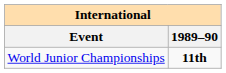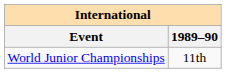 <table class="wikitable" style="text-align:center">
 <tr>
 <th style="background-color: #ffdead; " colspan=3 align=center>International</th>
 </tr>
 <tr>
 <th>Event</th>
 <th>1989–90</th>
 </tr>
 <tr>
 <td align=left><a href='#'>World Junior Championships</a></td>
-<td><strong>11th</strong></td>
+<td>11th</td>
 </tr>
 </table>
